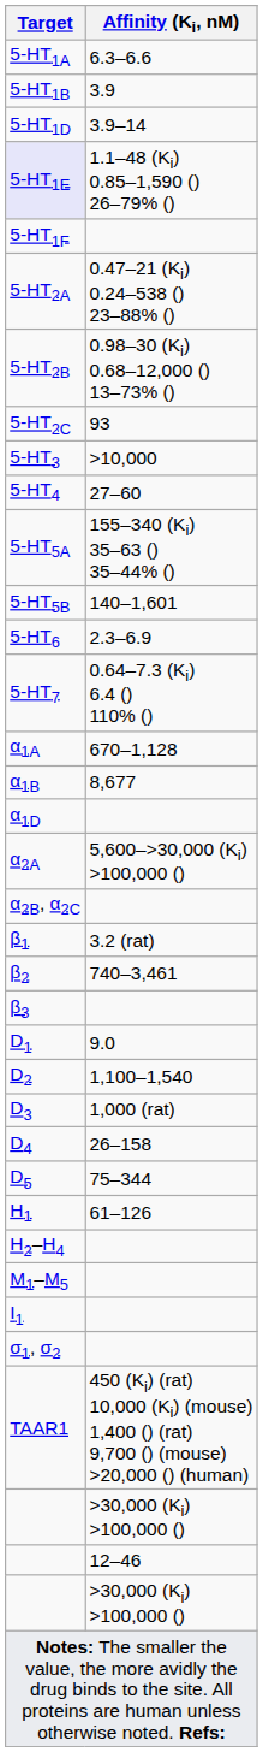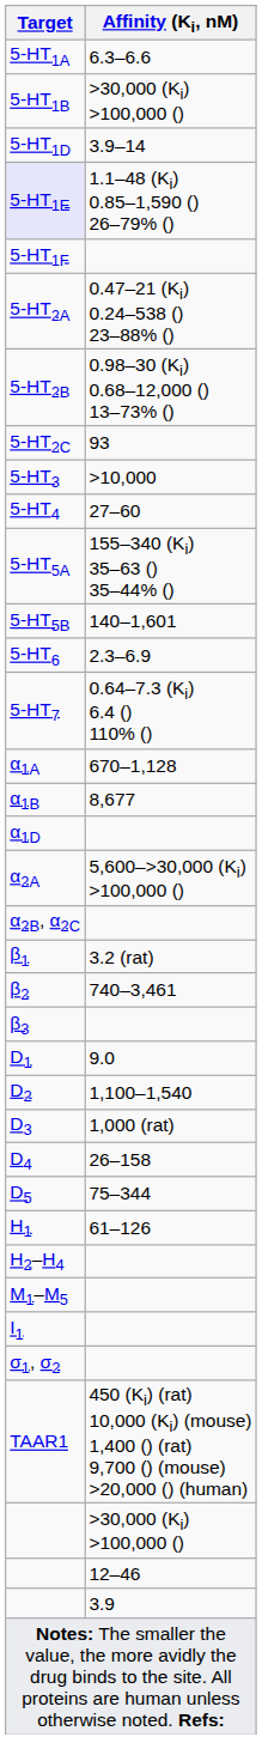 <table class="wikitable floatright" style="font-size:small;">
 <tr>
 <th><a href='#'>Target</a></th>
 <th><a href='#'>Affinity</a> (K<sub>i</sub>, nM)</th>
 </tr>
 <tr>
 <td><a href='#'>5-HT<sub>1A</sub></a></td>
 <td>6.3–6.6</td>
 </tr>
 <tr>
 <td><a href='#'>5-HT<sub>1B</sub></a></td>
-<td>3.9</td>
+<td>>30,000 (K<sub>i</sub>)<br>>100,000 ()</td>
 </tr>
 <tr>
 <td><a href='#'>5-HT<sub>1D</sub></a></td>
 <td>3.9–14</td>
 </tr>
 <tr>
 <td style="background: lavender;"><a href='#'>5-HT<sub>1E</sub></a></td>
 <td>1.1–48 (K<sub>i</sub>)<br>0.85–1,590 ()<br>26–79% ()</td>
 </tr>
 <tr>
 <td><a href='#'>5-HT<sub>1F</sub></a></td>
 <td></td>
 </tr>
 <tr>
 <td><a href='#'>5-HT<sub>2A</sub></a></td>
 <td>0.47–21 (K<sub>i</sub>)<br>0.24–538 ()<br>23–88% ()</td>
 </tr>
 <tr>
 <td><a href='#'>5-HT<sub>2B</sub></a></td>
 <td>0.98–30 (K<sub>i</sub>)<br>0.68–12,000 ()<br>13–73% ()</td>
 </tr>
 <tr>
 <td><a href='#'>5-HT<sub>2C</sub></a></td>
 <td>93</td>
 </tr>
 <tr>
 <td><a href='#'>5-HT<sub>3</sub></a></td>
 <td>>10,000</td>
 </tr>
 <tr>
 <td><a href='#'>5-HT<sub>4</sub></a></td>
 <td>27–60</td>
 </tr>
 <tr>
 <td><a href='#'>5-HT<sub>5A</sub></a></td>
 <td>155–340 (K<sub>i</sub>)<br>35–63 ()<br>35–44% ()</td>
 </tr>
 <tr>
 <td><a href='#'>5-HT<sub>5B</sub></a></td>
 <td>140–1,601</td>
 </tr>
 <tr>
 <td><a href='#'>5-HT<sub>6</sub></a></td>
 <td>2.3–6.9</td>
 </tr>
 <tr>
 <td><a href='#'>5-HT<sub>7</sub></a></td>
 <td>0.64–7.3 (K<sub>i</sub>)<br>6.4 ()<br>110% ()</td>
 </tr>
 <tr>
 <td><a href='#'>α<sub>1A</sub></a></td>
 <td>670–1,128</td>
 </tr>
 <tr>
 <td><a href='#'>α<sub>1B</sub></a></td>
 <td>8,677</td>
 </tr>
 <tr>
 <td><a href='#'>α<sub>1D</sub></a></td>
 <td></td>
 </tr>
 <tr>
 <td><a href='#'>α<sub>2A</sub></a></td>
 <td>5,600–>30,000 (K<sub>i</sub>)<br>>100,000 ()</td>
 </tr>
 <tr>
 <td><a href='#'>α<sub>2B</sub></a>, <a href='#'>α<sub>2C</sub></a></td>
 <td></td>
 </tr>
 <tr>
 <td><a href='#'>β<sub>1</sub></a></td>
 <td>3.2 (rat)</td>
 </tr>
 <tr>
 <td><a href='#'>β<sub>2</sub></a></td>
 <td>740–3,461</td>
 </tr>
 <tr>
 <td><a href='#'>β<sub>3</sub></a></td>
 <td></td>
 </tr>
 <tr>
 <td><a href='#'>D<sub>1</sub></a></td>
 <td>9.0</td>
 </tr>
 <tr>
 <td><a href='#'>D<sub>2</sub></a></td>
 <td>1,100–1,540</td>
 </tr>
 <tr>
 <td><a href='#'>D<sub>3</sub></a></td>
 <td>1,000 (rat)</td>
 </tr>
 <tr>
 <td><a href='#'>D<sub>4</sub></a></td>
 <td>26–158</td>
 </tr>
 <tr>
 <td><a href='#'>D<sub>5</sub></a></td>
 <td>75–344</td>
 </tr>
 <tr>
 <td><a href='#'>H<sub>1</sub></a></td>
 <td>61–126</td>
 </tr>
 <tr>
 <td><a href='#'>H<sub>2</sub></a>–<a href='#'>H<sub>4</sub></a></td>
 <td></td>
 </tr>
 <tr>
 <td><a href='#'>M<sub>1</sub></a>–<a href='#'>M<sub>5</sub></a></td>
 <td></td>
 </tr>
 <tr>
 <td><a href='#'>I<sub>1</sub></a></td>
 <td></td>
 </tr>
 <tr>
 <td><a href='#'>σ<sub>1</sub></a>, <a href='#'>σ<sub>2</sub></a></td>
 <td></td>
 </tr>
 <tr>
 <td><a href='#'>TAAR1</a></td>
 <td>450 (K<sub>i</sub>) (rat)<br>10,000 (K<sub>i</sub>) (mouse)<br>1,400 () (rat)<br>9,700 () (mouse)<br>>20,000 () (human)</td>
 </tr>
 <tr>
 <td></td>
 <td>>30,000 (K<sub>i</sub>)<br>>100,000 ()</td>
 </tr>
 <tr>
 <td></td>
 <td>12–46</td>
 </tr>
 <tr>
 <td></td>
-<td>>30,000 (K<sub>i</sub>)<br>>100,000 ()</td>
+<td>3.9</td>
 </tr>
 <tr class="sortbottom">
 <td colspan="2" style="width: 1px; background-color:#eaecf0; text-align: center;"><strong>Notes:</strong> The smaller the value, the more avidly the drug binds to the site. All proteins are human unless otherwise noted. <strong>Refs:</strong> <br></td>
 </tr>
 </table>
